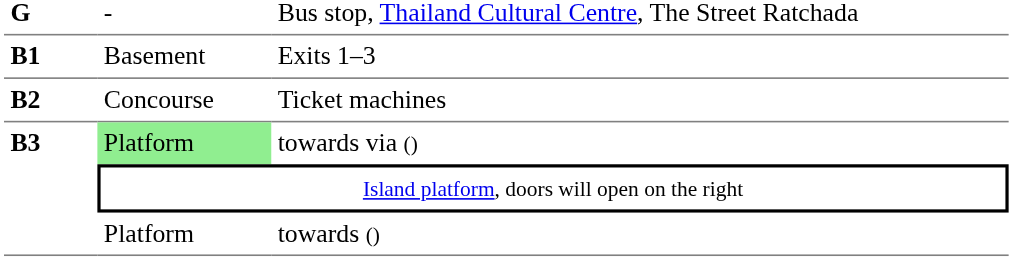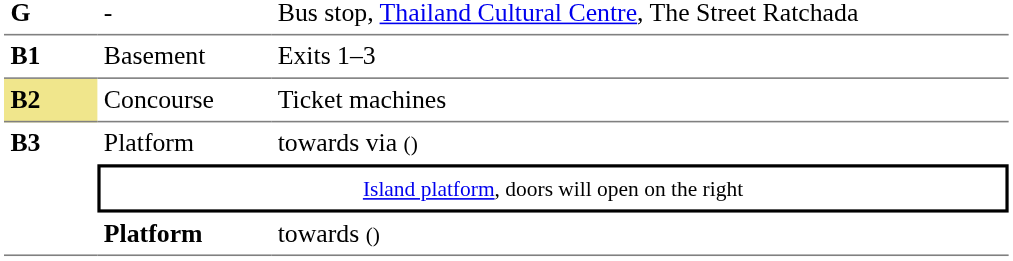 <table table border=0 cellspacing=0 cellpadding=4>
 <tr>
 <td style = "border-bottom:solid 1px gray;" rowspan=1 valign=top><strong>G</strong></td>
 <td style = "border-bottom:solid 1px gray;" valign=top>-</td>
 <td style = "border-bottom:solid 1px gray;" valign=top>Bus stop, <a href='#'>Thailand Cultural Centre</a>, The Street Ratchada</td>
 </tr>
 <tr>
 <td style = "border-bottom:solid 1px gray;" rowspan=1 valign=top><strong>B1</strong></td>
 <td style = "border-bottom:solid 1px gray;" valign=top>Basement</td>
 <td style = "border-bottom:solid 1px gray;" valign=top>Exits 1–3</td>
 </tr>
 <tr>
-<td style = "border-bottom:solid 1px gray;" rowspan=1 valign=top><strong>B2</strong></td>
+<td style = "background: khaki; border-bottom:solid 1px gray;" rowspan=1 valign=top><strong>B2</strong></td>
 <td style = "border-bottom:solid 1px gray;" valign=top>Concourse</td>
 <td style = "border-bottom:solid 1px gray;" valign=top>Ticket machines</td>
 </tr>
 <tr>
 <td style="border-bottom:solid 1px gray;" rowspan=3 valign=top width=50><strong>B3</strong></td>
-<td width=100 style="background: lightgreen;">Platform </td>
+<td width=100>Platform </td>
 <td width=450> towards  via  <small>()</small></td>
 </tr>
 <tr>
 <td style = "border-top:solid 2px black;border-right:solid 2px black;border-left:solid 2px black;border-bottom:solid 2px black; text-align:center;" colspan=2><small><a href='#'>Island platform</a>, doors will open on the right</small></td>
 </tr>
 <tr>
-<td style="border-bottom:solid 1px gray;" width=100>Platform </td>
+<td style="border-bottom:solid 1px gray;" width=100><strong>Platform </strong></td>
 <td style="border-bottom:solid 1px gray;" width=450> towards  <small>()</small></td>
 </tr>
 </table>
